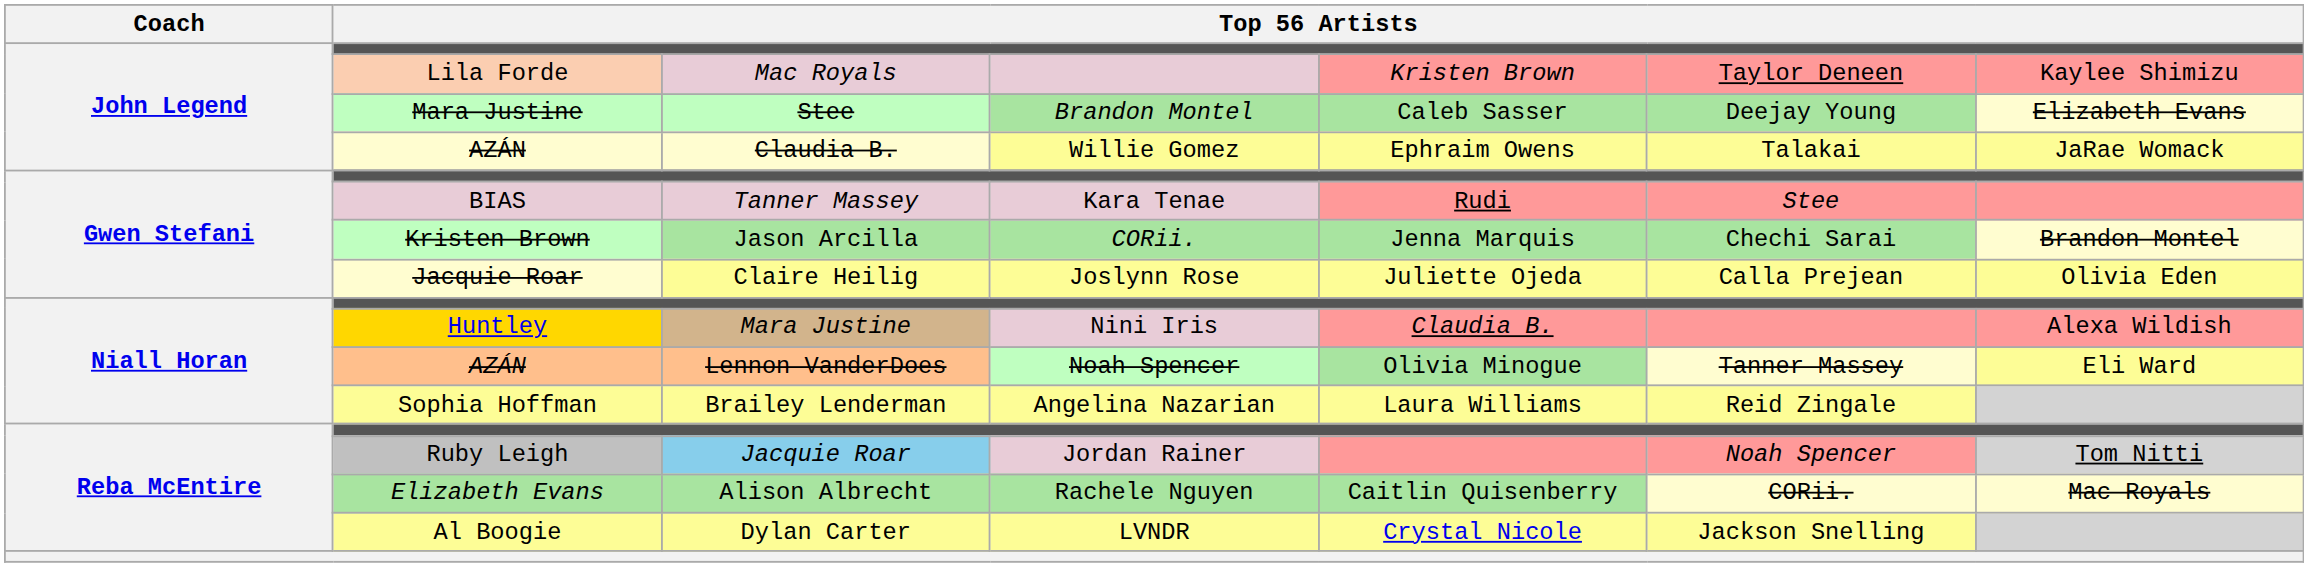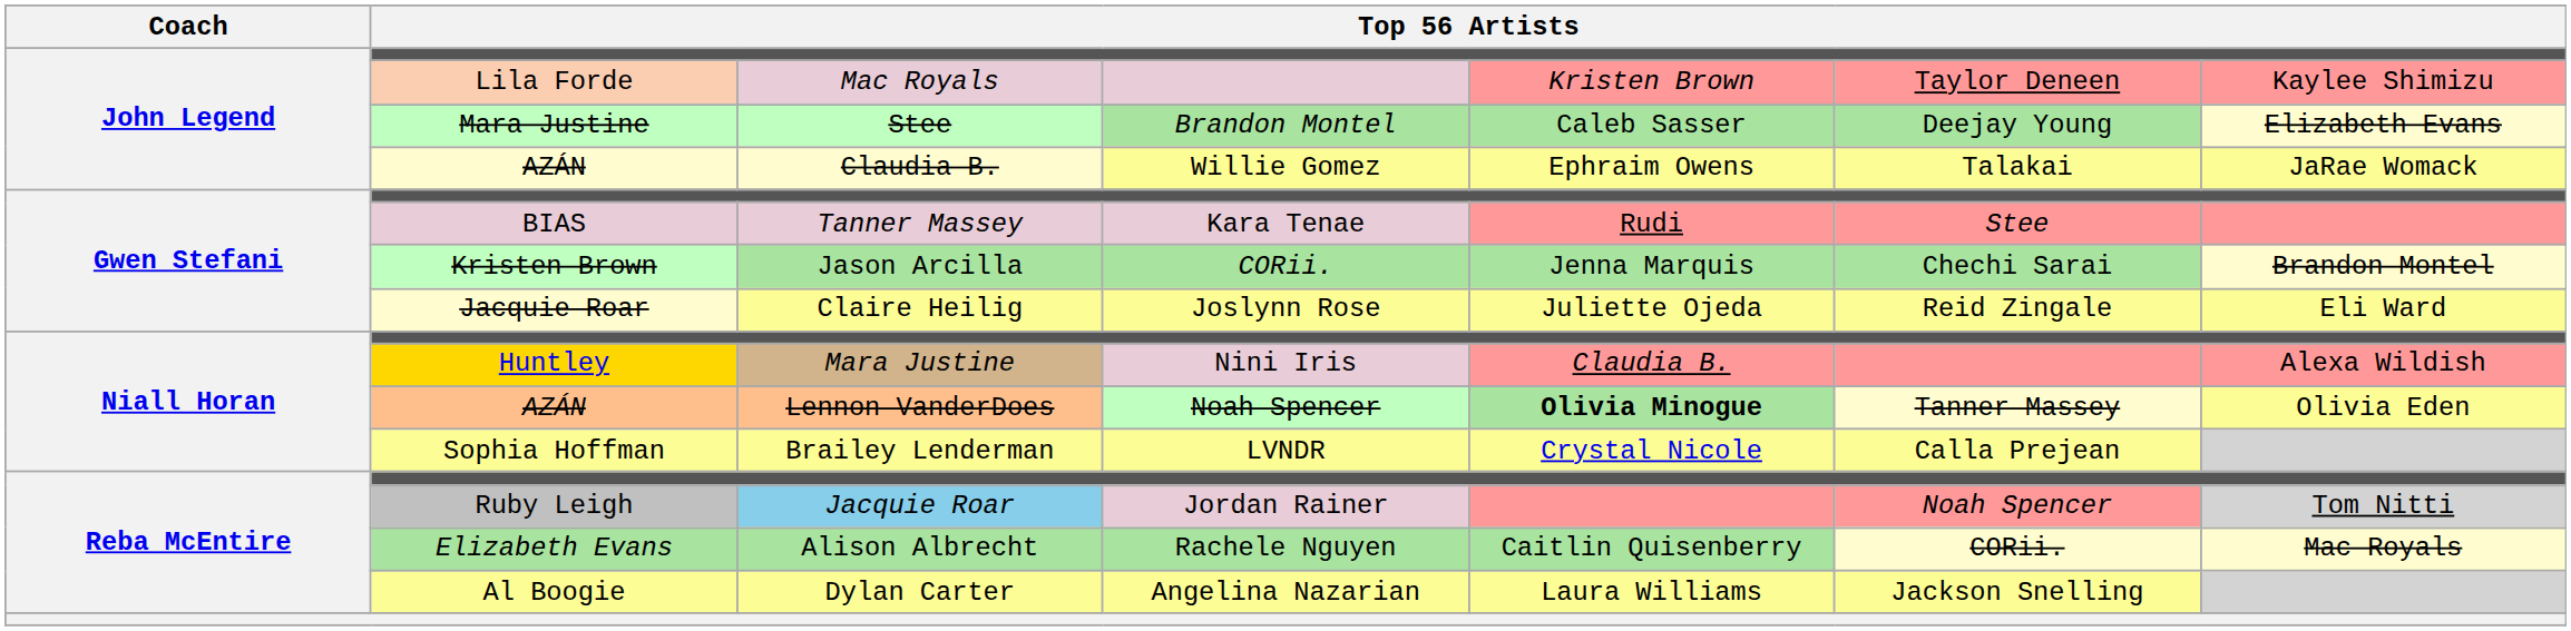 <table class="wikitable" style="text-align:center; width:100%">
 <tr>
 <th scope="col" style="width:14%">Coach</th>
 <th scope="col" style="width:84%" colspan="6">Top 56 Artists</th>
 </tr>
 <tr>
 <th rowspan="4"><a href='#'>John Legend</a></th>
 <td colspan="6" style="background:#555"></td>
 </tr>
 <tr>
 <td style="background:#fbceb1">Lila Forde</td>
 <td style="background:#E8CCD7"><em>Mac Royals</em></td>
 <td style="background:#E8CCD7"></td>
 <td style="background:#FF9999"><em>Kristen Brown</em></td>
 <td style="background:#FF9999"><u>Taylor Deneen</u></td>
 <td style="background:#FF9999">Kaylee Shimizu</td>
 </tr>
 <tr>
 <td style="background:#BFFFC0"><s>Mara Justine</s></td>
 <td style="background:#BFFFC0"><s>Stee</s></td>
 <td style="background:#A8E4A0"><em>Brandon Montel</em></td>
 <td style="background:#A8E4A0">Caleb Sasser</td>
 <td style="background:#A8E4A0">Deejay Young</td>
 <td style="background:#FFFDD0"><s>Elizabeth Evans</s></td>
 </tr>
 <tr>
 <td style="background:#FFFDD0"><s>AZÁN</s></td>
 <td style="background:#FFFDD0"><s>Claudia B.</s></td>
 <td style="background:#FDFD96">Willie Gomez</td>
 <td style="background:#FDFD96">Ephraim Owens</td>
 <td style="background:#FDFD96">Talakai</td>
 <td style="background:#FDFD96">JaRae Womack</td>
 </tr>
 <tr>
 <th rowspan="4"><a href='#'>Gwen Stefani</a></th>
 <td colspan="6" style="background:#555"></td>
 </tr>
 <tr>
 <td style="background:#E8CCD7">BIAS</td>
 <td style="background:#E8CCD7"><em>Tanner Massey</em></td>
 <td style="background:#E8CCD7">Kara Tenae</td>
 <td style="background:#FF9999"><u>Rudi</u></td>
 <td style="background:#FF9999"><em>Stee</em></td>
 <td style="background:#FF9999"></td>
 </tr>
 <tr>
 <td style="background:#BFFFC0"><s>Kristen Brown</s></td>
 <td style="background:#A8E4A0">Jason Arcilla</td>
 <td style="background:#A8E4A0"><em>CORii.</em></td>
 <td style="background:#A8E4A0">Jenna Marquis</td>
 <td style="background:#A8E4A0">Chechi Sarai</td>
 <td style="background:#FFFDD0"><s>Brandon Montel</s></td>
 </tr>
 <tr>
 <td style="background:#FFFDD0"><s>Jacquie Roar</s></td>
 <td style="background:#FDFD96">Claire Heilig</td>
 <td style="background:#FDFD96">Joslynn Rose</td>
 <td style="background:#FDFD96">Juliette Ojeda</td>
-<td style="background:#FDFD96">Calla Prejean</td>
-<td style="background:#FDFD96">Olivia Eden</td>
+<td style="background:#FDFD96">Reid Zingale</td>
+<td style="background:#FDFD96">Eli Ward</td>
 </tr>
 <tr>
 <th rowspan="4"><a href='#'>Niall Horan</a></th>
 <td colspan="6" style="background:#555"></td>
 </tr>
 <tr>
 <td style="background:gold"><a href='#'>Huntley</a></td>
 <td style="background:tan;"><em>Mara Justine</em></td>
 <td style="background:#E8CCD7">Nini Iris</td>
 <td style="background:#FF9999"><u><em>Claudia B.</em></u></td>
 <td style="background:#FF9999"></td>
 <td style="background:#FF9999">Alexa Wildish</td>
 </tr>
 <tr>
 <td style="background:#FFBF8C"><s><em>AZÁN</em></s></td>
 <td style="background:#FFBF8C"><s>Lennon VanderDoes</s></td>
 <td style="background:#BFFFC0"><s>Noah Spencer</s></td>
-<td style="background:#A8E4A0">Olivia Minogue</td>
+<td style="background:#A8E4A0"><strong>Olivia Minogue</strong></td>
 <td style="background:#FFFDD0"><s>Tanner Massey</s></td>
-<td style="background:#FDFD96">Eli Ward</td>
+<td style="background:#FDFD96">Olivia Eden</td>
 </tr>
 <tr>
 <td style="background:#FDFD96">Sophia Hoffman</td>
 <td style="background:#FDFD96">Brailey Lenderman</td>
-<td style="background:#FDFD96; width:14%">Angelina Nazarian</td>
-<td style="background:#FDFD96">Laura Williams</td>
-<td style="background:#FDFD96">Reid Zingale</td>
+<td style="background:#FDFD96">LVNDR</td>
+<td style="background:#FDFD96; width:14%"><a href='#'>Crystal Nicole</a></td>
+<td style="background:#FDFD96">Calla Prejean</td>
 <td style="background:lightgrey"></td>
 </tr>
 <tr>
 <th rowspan="4"><a href='#'>Reba McEntire</a></th>
 <td colspan="6" style="background:#555"></td>
 </tr>
 <tr>
 <td style="background:silver">Ruby Leigh</td>
 <td style="background:skyblue"><em>Jacquie Roar</em></td>
 <td style="background:#E8CCD7">Jordan Rainer</td>
 <td style="background:#FF9999"></td>
 <td style="background:#FF9999"><em>Noah Spencer</em></td>
 <td style="background: lightgray; width:14%"><u>Tom Nitti</u></td>
 </tr>
 <tr>
 <td style="background:#A8E4A0"><em>Elizabeth Evans</em></td>
 <td style="background:#A8E4A0">Alison Albrecht</td>
 <td style="background:#A8E4A0">Rachele Nguyen</td>
 <td style="background:#A8E4A0">Caitlin Quisenberry</td>
 <td style="background:#FFFDD0"><s>CORii.</s></td>
 <td style="background:#FFFDD0"><s>Mac Royals</s></td>
 </tr>
 <tr>
 <td style="background:#FDFD96; width:14%">Al Boogie</td>
 <td style="background:#FDFD96; width:14%">Dylan Carter</td>
-<td style="background:#FDFD96">LVNDR</td>
-<td style="background:#FDFD96; width:14%"><a href='#'>Crystal Nicole</a></td>
+<td style="background:#FDFD96; width:14%">Angelina Nazarian</td>
+<td style="background:#FDFD96">Laura Williams</td>
 <td style="background:#FDFD96; width:14%">Jackson Snelling</td>
 <td style="background:lightgrey; width:14%"></td>
 </tr>
 <tr>
 <th colspan="7" style="font-size:95%; line-height:14px"></th>
 </tr>
 </table>
